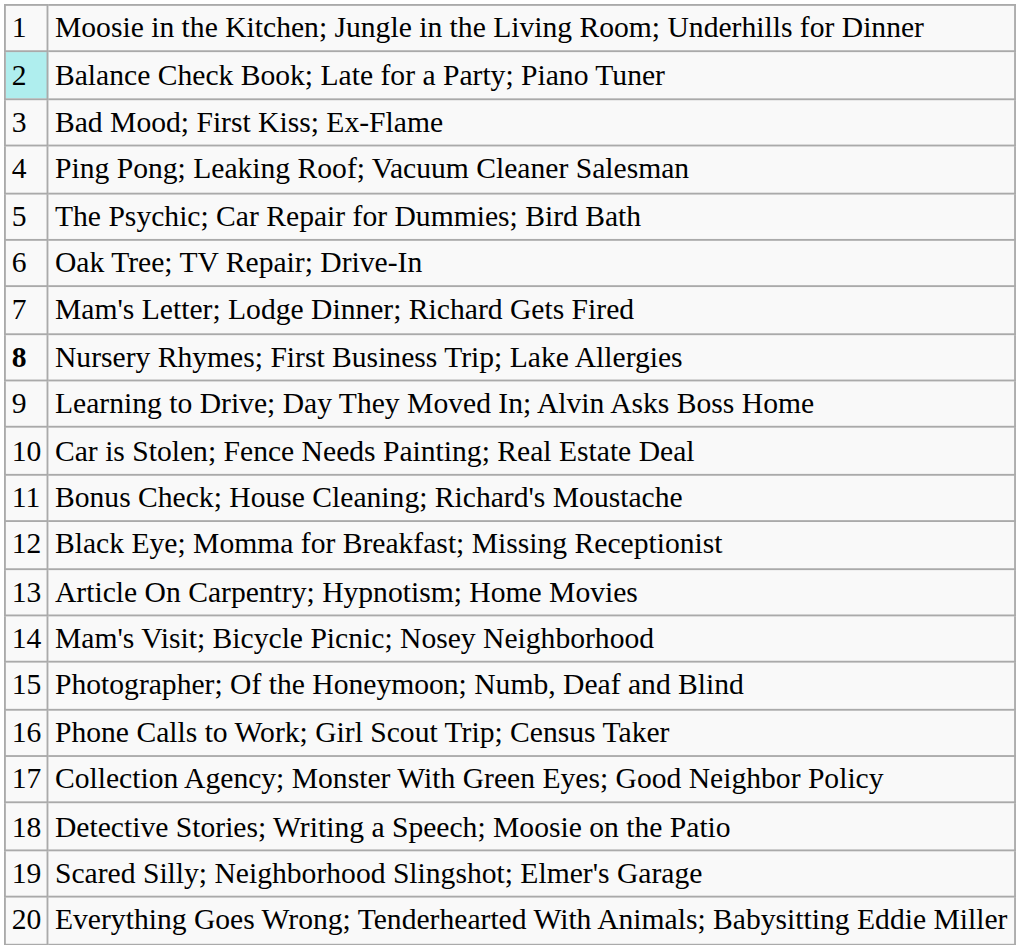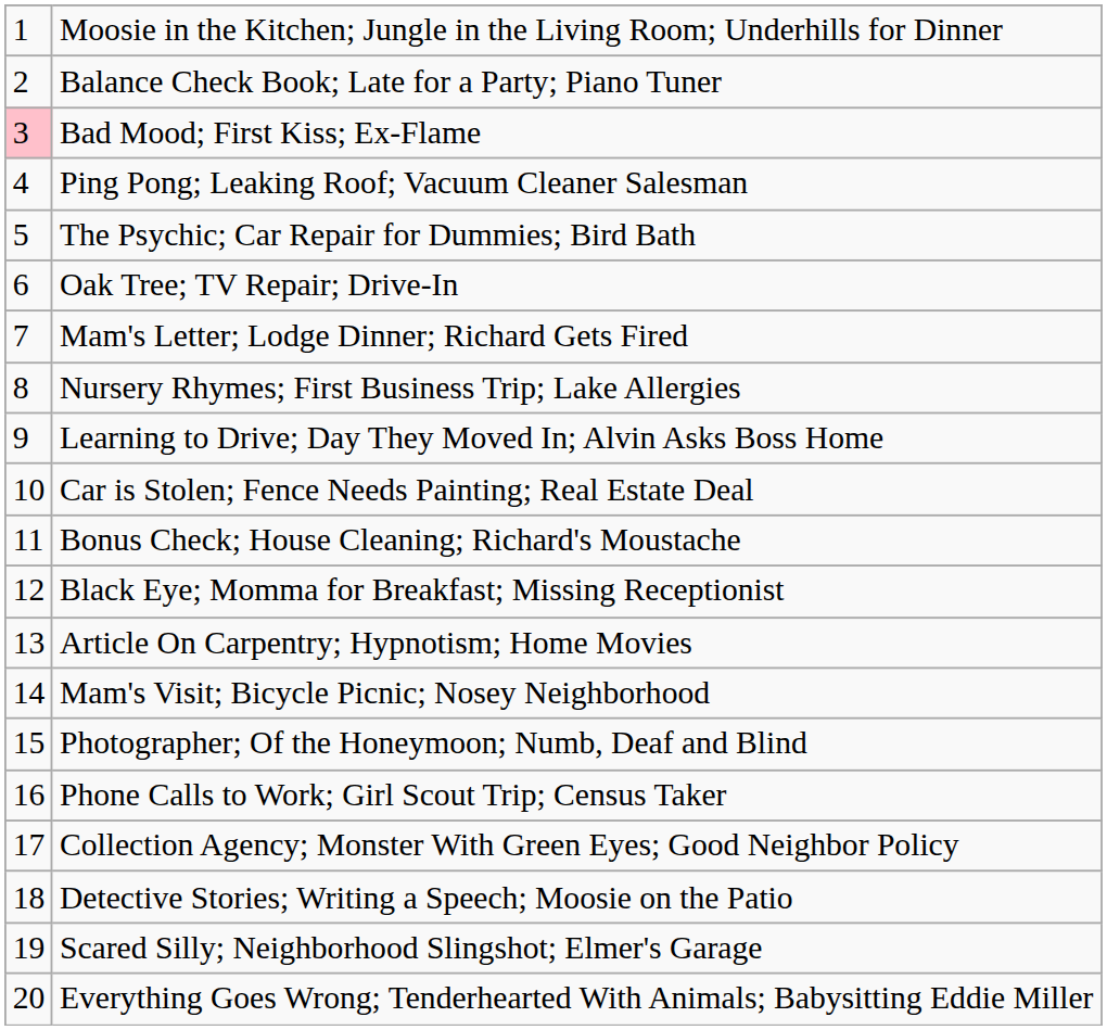 <table class="wikitable">
 <tr>
 <td>1</td>
 <td>Moosie in the Kitchen; Jungle in the Living  Room; Underhills for Dinner</td>
 </tr>
 <tr>
-<td style="background: paleturquoise;">2</td>
+<td>2</td>
 <td>Balance Check Book; Late for a Party; Piano Tuner</td>
 </tr>
 <tr>
-<td>3</td>
+<td style="background: pink;">3</td>
 <td>Bad Mood; First Kiss; Ex-Flame</td>
 </tr>
 <tr>
 <td>4</td>
 <td>Ping Pong; Leaking Roof; Vacuum Cleaner Salesman</td>
 </tr>
 <tr>
 <td>5</td>
 <td>The Psychic; Car Repair for Dummies; Bird Bath</td>
 </tr>
 <tr>
 <td>6 </td>
 <td>Oak Tree; TV Repair; Drive-In</td>
 </tr>
 <tr>
 <td>7</td>
 <td>Mam's Letter; Lodge Dinner; Richard Gets Fired</td>
 </tr>
 <tr>
-<td><strong>8</strong></td>
+<td>8</td>
 <td>Nursery Rhymes; First Business Trip; Lake Allergies</td>
 </tr>
 <tr>
 <td>9</td>
 <td>Learning to Drive; Day They Moved In; Alvin Asks Boss Home</td>
 </tr>
 <tr>
 <td>10</td>
 <td>Car is Stolen; Fence Needs Painting; Real Estate Deal</td>
 </tr>
 <tr>
 <td>11</td>
 <td>Bonus Check; House Cleaning; Richard's Moustache</td>
 </tr>
 <tr>
 <td>12</td>
 <td>Black Eye; Momma for Breakfast; Missing Receptionist</td>
 </tr>
 <tr>
 <td>13</td>
 <td>Article On  Carpentry; Hypnotism; Home Movies</td>
 </tr>
 <tr>
 <td>14</td>
 <td>Mam's Visit; Bicycle Picnic; Nosey Neighborhood</td>
 </tr>
 <tr>
 <td>15</td>
 <td>Photographer; Of the Honeymoon; Numb, Deaf and Blind</td>
 </tr>
 <tr>
 <td>16</td>
 <td>Phone Calls to Work; Girl Scout Trip; Census Taker</td>
 </tr>
 <tr>
 <td>17</td>
 <td>Collection Agency; Monster With Green Eyes; Good Neighbor  Policy</td>
 </tr>
 <tr>
 <td>18</td>
 <td>Detective Stories; Writing a Speech; Moosie on the Patio</td>
 </tr>
 <tr>
 <td>19 </td>
 <td>Scared Silly; Neighborhood Slingshot; Elmer's Garage</td>
 </tr>
 <tr>
 <td>20</td>
 <td>Everything Goes Wrong; Tenderhearted With Animals; Babysitting  Eddie Miller</td>
 </tr>
 </table>
